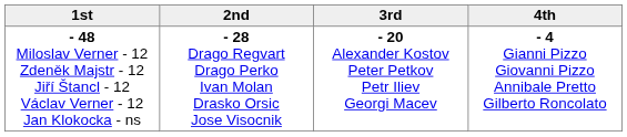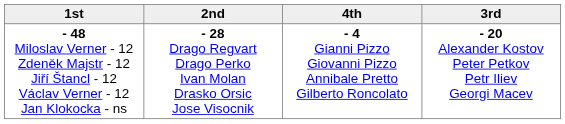 <table border=1 cellpadding=2 cellspacing=0 width=75% style="border-collapse:collapse">
 <tr align=center style="background:#efefef;">
 <th width=20% >1st</th>
 <th width=20% >2nd</th>
+<th width=20%>4th</th>
 <th width=20% >3rd</th>
-<th width=20%>4th</th>
 </tr>
 <tr align=center>
 <td valign=top ><strong> - 48</strong><br><a href='#'>Miloslav Verner</a> - 12<br><a href='#'>Zdeněk Majstr</a> - 12<br><a href='#'>Jiří Štancl</a> - 12<br><a href='#'>Václav Verner</a> - 12<br><a href='#'>Jan Klokocka</a> - ns</td>
 <td valign=top ><strong> - 28</strong><br><a href='#'>Drago Regvart</a><br><a href='#'>Drago Perko</a><br><a href='#'>Ivan Molan</a><br><a href='#'>Drasko Orsic</a><br><a href='#'>Jose Visocnik</a></td>
+<td valign=top><strong> - 4</strong><br><a href='#'>Gianni Pizzo</a><br><a href='#'>Giovanni Pizzo</a><br><a href='#'>Annibale Pretto</a><br><a href='#'>Gilberto Roncolato</a></td>
 <td valign=top ><strong> - 20</strong><br><a href='#'>Alexander Kostov</a><br><a href='#'>Peter Petkov</a><br><a href='#'>Petr Iliev</a><br><a href='#'>Georgi Macev</a></td>
-<td valign=top><strong> - 4</strong><br><a href='#'>Gianni Pizzo</a><br><a href='#'>Giovanni Pizzo</a><br><a href='#'>Annibale Pretto</a><br><a href='#'>Gilberto Roncolato</a></td>
 </tr>
 </table>
